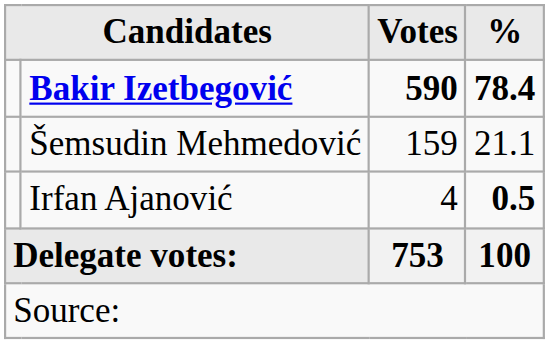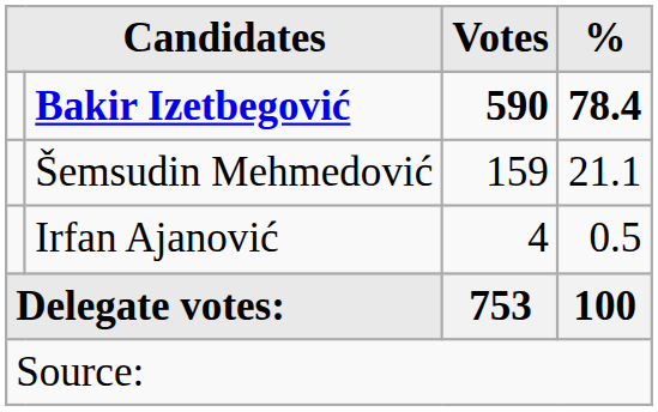 <table class="wikitable">
 <tr>
 <th style="background:#e9e9e9; text-align:center;" colspan="2">Candidates</th>
 <th style="background:#e9e9e9; text-align:center;">Votes</th>
 <th style="background:#e9e9e9; text-align:center;">%</th>
 </tr>
 <tr>
 <td style="background:"></td>
 <td style="text-align:left;"><strong><a href='#'>Bakir Izetbegović</a></strong></td>
 <td style="text-align:right;"><strong>590</strong></td>
 <td style="text-align:right;"><strong>78.4</strong></td>
 </tr>
 <tr>
 <td style="background:"></td>
 <td style="text-align:left;">Šemsudin Mehmedović</td>
 <td style="text-align:right;">159</td>
 <td style="text-align:right;">21.1</td>
 </tr>
 <tr>
 <td style="background:"></td>
 <td style="text-align:left;">Irfan Ajanović</td>
 <td style="text-align:right;">4</td>
-<td style="text-align:right;"><strong>0.5</strong></td>
+<td style="text-align:right;">0.5</td>
 </tr>
 <tr style="background:#e9e9e9;">
 <td style="text-align:left;" colspan="2"><strong>Delegate votes:</strong></td>
 <th align= right>753</th>
 <th align= right>100</th>
 </tr>
 <tr>
 <td style="text-align:left;" colspan="7">Source: </td>
 </tr>
 </table>
